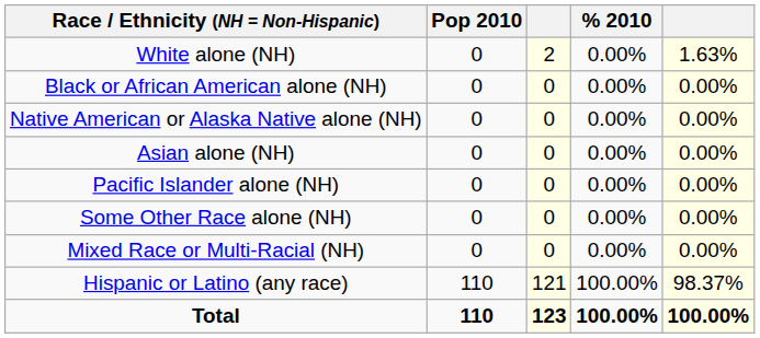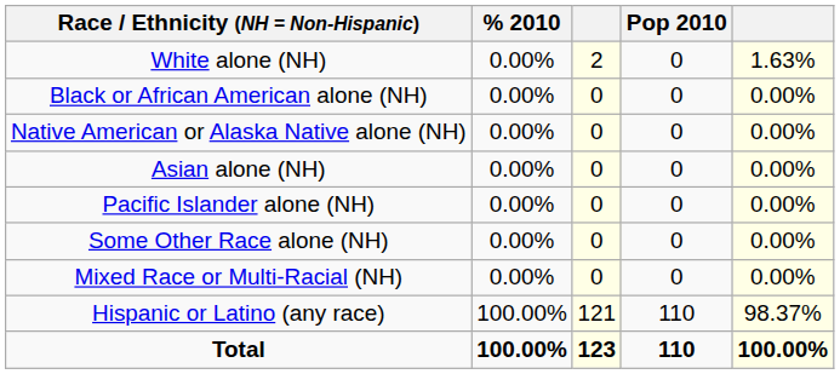 <table class="wikitable" style="text-align:center;">
 <tr>
 <th>Race / Ethnicity <small>(<em>NH = Non-Hispanic</em>)</small></th>
+<th>% 2010</th>
+<th></th>
 <th>Pop 2010</th>
-<th></th>
-<th>% 2010</th>
 <th></th>
 </tr>
 <tr>
 <td><a href='#'>White</a> alone (NH)</td>
+<td>0.00%</td>
+<td style='background: #ffffe6;'>2</td>
 <td>0</td>
-<td style='background: #ffffe6;'>2</td>
-<td>0.00%</td>
 <td style='background: #ffffe6;'>1.63%</td>
 </tr>
 <tr>
 <td><a href='#'>Black or African American</a> alone (NH)</td>
+<td>0.00%</td>
+<td style='background: #ffffe6;'>0</td>
 <td>0</td>
-<td style='background: #ffffe6;'>0</td>
-<td>0.00%</td>
 <td style='background: #ffffe6;'>0.00%</td>
 </tr>
 <tr>
 <td><a href='#'>Native American</a> or <a href='#'>Alaska Native</a> alone (NH)</td>
+<td>0.00%</td>
+<td style='background: #ffffe6;'>0</td>
 <td>0</td>
-<td style='background: #ffffe6;'>0</td>
-<td>0.00%</td>
 <td style='background: #ffffe6;'>0.00%</td>
 </tr>
 <tr>
 <td><a href='#'>Asian</a> alone (NH)</td>
+<td>0.00%</td>
+<td style='background: #ffffe6;'>0</td>
 <td>0</td>
-<td style='background: #ffffe6;'>0</td>
-<td>0.00%</td>
 <td style='background: #ffffe6;'>0.00%</td>
 </tr>
 <tr>
 <td><a href='#'>Pacific Islander</a> alone (NH)</td>
+<td>0.00%</td>
+<td style='background: #ffffe6;'>0</td>
 <td>0</td>
-<td style='background: #ffffe6;'>0</td>
-<td>0.00%</td>
 <td style='background: #ffffe6;'>0.00%</td>
 </tr>
 <tr>
 <td><a href='#'>Some Other Race</a> alone (NH)</td>
+<td>0.00%</td>
+<td style='background: #ffffe6;'>0</td>
 <td>0</td>
-<td style='background: #ffffe6;'>0</td>
-<td>0.00%</td>
 <td style='background: #ffffe6;'>0.00%</td>
 </tr>
 <tr>
 <td><a href='#'>Mixed Race or Multi-Racial</a> (NH)</td>
+<td>0.00%</td>
+<td style='background: #ffffe6;'>0</td>
 <td>0</td>
-<td style='background: #ffffe6;'>0</td>
-<td>0.00%</td>
 <td style='background: #ffffe6;'>0.00%</td>
 </tr>
 <tr>
 <td><a href='#'>Hispanic or Latino</a> (any race)</td>
+<td>100.00%</td>
+<td style='background: #ffffe6;'>121</td>
 <td>110</td>
-<td style='background: #ffffe6;'>121</td>
-<td>100.00%</td>
 <td style='background: #ffffe6;'>98.37%</td>
 </tr>
 <tr>
 <td><strong>Total</strong></td>
+<td><strong>100.00%</strong></td>
+<td style='background: #ffffe6;'><strong>123</strong></td>
 <td><strong>110</strong></td>
-<td style='background: #ffffe6;'><strong>123</strong></td>
-<td><strong>100.00%</strong></td>
 <td style='background: #ffffe6;'><strong>100.00%</strong></td>
 </tr>
 </table>
